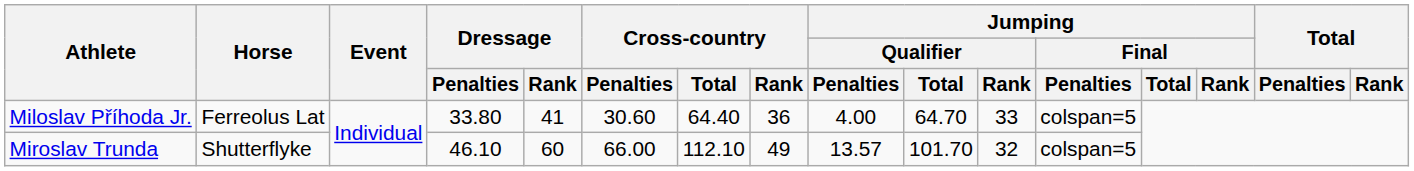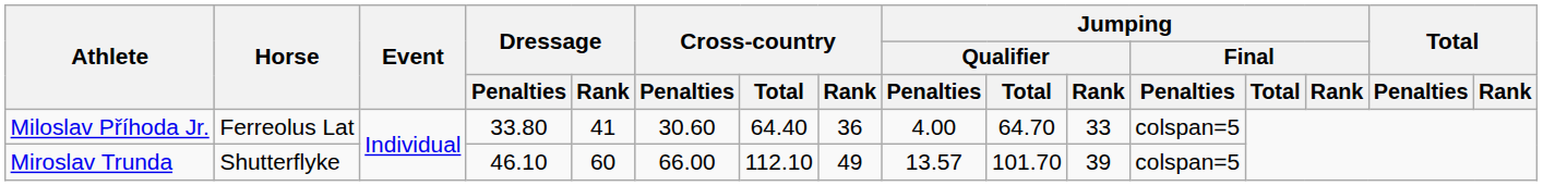 <table class=wikitable style="font-size:90%">
 <tr>
 <th rowspan="3">Athlete</th>
 <th rowspan="3">Horse</th>
 <th rowspan="3">Event</th>
 <th colspan="2" rowspan="2">Dressage</th>
 <th colspan="3" rowspan="2">Cross-country</th>
 <th colspan="6">Jumping</th>
 <th colspan="2" rowspan="2">Total</th>
 </tr>
 <tr style="font-size:95%">
 <th colspan="3">Qualifier</th>
 <th colspan="3">Final</th>
 </tr>
 <tr style="font-size:95%">
 <th>Penalties</th>
 <th>Rank</th>
 <th>Penalties</th>
 <th>Total</th>
 <th>Rank</th>
 <th>Penalties</th>
 <th>Total</th>
 <th>Rank</th>
 <th>Penalties</th>
 <th>Total</th>
 <th>Rank</th>
 <th>Penalties</th>
 <th>Rank</th>
 </tr>
 <tr align=center>
 <td align=left><a href='#'>Miloslav Příhoda Jr.</a></td>
 <td align=left>Ferreolus Lat</td>
 <td align=left rowspan=2><a href='#'>Individual</a></td>
 <td>33.80</td>
 <td>41</td>
 <td>30.60</td>
 <td>64.40</td>
 <td>36</td>
 <td>4.00</td>
 <td>64.70</td>
 <td>33</td>
 <td>colspan=5 </td>
 </tr>
 <tr align=center>
 <td align=left><a href='#'>Miroslav Trunda</a></td>
 <td align=left>Shutterflyke</td>
 <td>46.10</td>
 <td>60</td>
 <td>66.00</td>
 <td>112.10</td>
 <td>49</td>
 <td>13.57</td>
 <td>101.70</td>
-<td>32</td>
+<td>39</td>
 <td>colspan=5 </td>
 </tr>
 </table>
